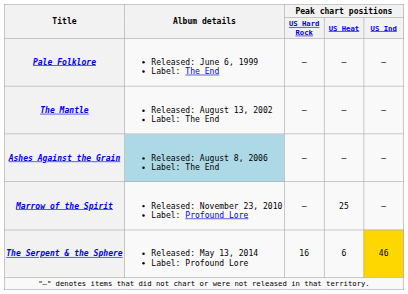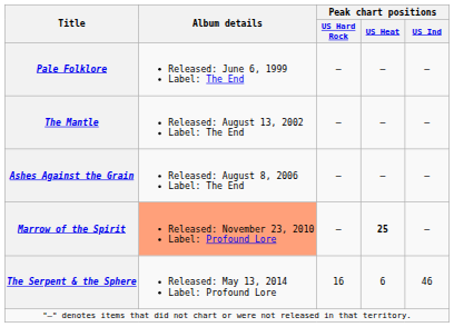 <table class="wikitable sortable plainrowheaders">
 <tr>
 <th rowspan="2" scope="col">Title</th>
 <th rowspan="2" scope="col">Album details</th>
 <th colspan="3" scope="col">Peak chart positions</th>
 </tr>
 <tr style="font-size:90%;">
 <th scope="col" style="width:5em;text-align:center;"><a href='#'>US Hard Rock</a><br></th>
 <th scope="col" style="width:5em;text-align:center;"><a href='#'>US Heat</a><br></th>
 <th scope="col" style="width:5em;text-align:center;"><a href='#'>US Ind</a><br></th>
 </tr>
 <tr>
 <th scope="row"><em><a href='#'>Pale Folklore</a></em></th>
 <td><br><ul><li>Released: June 6, 1999</li><li>Label: <a href='#'>The End</a></li></ul></td>
 <td style="text-align:center;">—</td>
 <td style="text-align:center;">—</td>
 <td style="text-align:center;">—</td>
 </tr>
 <tr>
 <th scope="row"><em><a href='#'>The Mantle</a></em></th>
 <td><br><ul><li>Released: August 13, 2002</li><li>Label: The End</li></ul></td>
 <td style="text-align:center;">—</td>
 <td style="text-align:center;">—</td>
 <td style="text-align:center;">—</td>
 </tr>
 <tr>
 <th scope="row"><em><a href='#'>Ashes Against the Grain</a></em></th>
-<td style="background: lightblue;"><br><ul><li>Released: August 8, 2006</li><li>Label: The End</li></ul></td>
+<td><br><ul><li>Released: August 8, 2006</li><li>Label: The End</li></ul></td>
 <td style="text-align:center;">—</td>
 <td style="text-align:center;">—</td>
 <td style="text-align:center;">—</td>
 </tr>
 <tr>
 <th scope="row"><em><a href='#'>Marrow of the Spirit</a></em></th>
-<td><br><ul><li>Released: November 23, 2010</li><li>Label: <a href='#'>Profound Lore</a></li></ul></td>
+<td style="background: lightsalmon;"><br><ul><li>Released: November 23, 2010</li><li>Label: <a href='#'>Profound Lore</a></li></ul></td>
 <td style="text-align:center;">—</td>
-<td style="text-align:center;">25</td>
+<td style="text-align:center;"><strong>25</strong></td>
 <td style="text-align:center;">—</td>
 </tr>
 <tr>
 <th scope="row"><em><a href='#'>The Serpent & the Sphere</a></em></th>
 <td><br><ul><li>Released: May 13, 2014</li><li>Label: Profound Lore</li></ul></td>
 <td style="text-align:center;">16</td>
 <td style="text-align:center;">6</td>
-<td style="background: gold; text-align:center;">46</td>
+<td style="text-align:center;">46</td>
 </tr>
 <tr>
 <td colspan="6" align="center" style="font-size:90%">"—" denotes items that did not chart or were not released in that territory.</td>
 </tr>
 </table>
